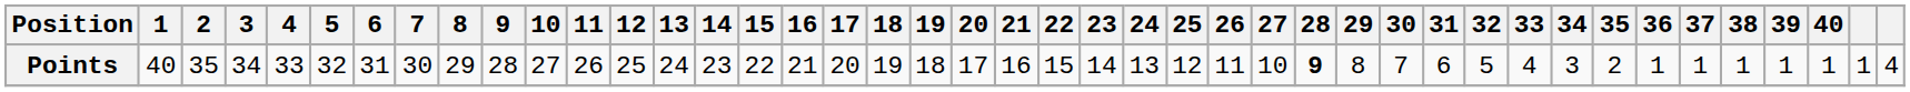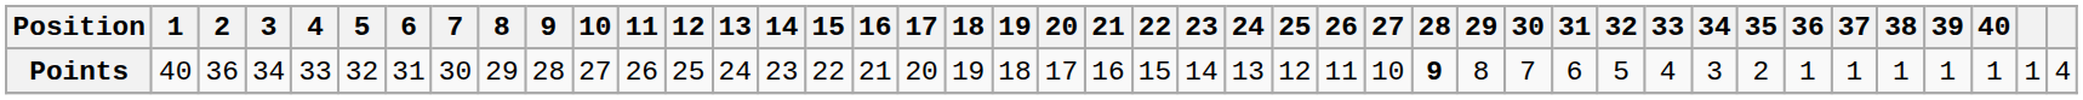 <table class="wikitable" style="font-size: 85%; text-align:center">
 <tr valign="top">
 <th>Position</th>
 <th>1</th>
 <th>2</th>
 <th>3</th>
 <th>4</th>
 <th>5</th>
 <th>6</th>
 <th>7</th>
 <th>8</th>
 <th>9</th>
 <th>10</th>
 <th>11</th>
 <th>12</th>
 <th>13</th>
 <th>14</th>
 <th>15</th>
 <th>16</th>
 <th>17</th>
 <th>18</th>
 <th>19</th>
 <th>20</th>
 <th>21</th>
 <th>22</th>
 <th>23</th>
 <th>24</th>
 <th>25</th>
 <th>26</th>
 <th>27</th>
 <th>28</th>
 <th>29</th>
 <th>30</th>
 <th>31</th>
 <th>32</th>
 <th>33</th>
 <th>34</th>
 <th>35</th>
 <th>36</th>
 <th>37</th>
 <th>38</th>
 <th>39</th>
 <th>40</th>
 <th></th>
 <th></th>
 </tr>
 <tr>
 <th>Points</th>
 <td>40</td>
-<td>35</td>
+<td>36</td>
 <td>34</td>
 <td>33</td>
 <td>32</td>
 <td>31</td>
 <td>30</td>
 <td>29</td>
 <td>28</td>
 <td>27</td>
 <td>26</td>
 <td>25</td>
 <td>24</td>
 <td>23</td>
 <td>22</td>
 <td>21</td>
 <td>20</td>
 <td>19</td>
 <td>18</td>
 <td>17</td>
 <td>16</td>
 <td>15</td>
 <td>14</td>
 <td>13</td>
 <td>12</td>
 <td>11</td>
 <td>10</td>
 <td><strong>9</strong></td>
 <td>8</td>
 <td>7</td>
 <td>6</td>
 <td>5</td>
 <td>4</td>
 <td>3</td>
 <td>2</td>
 <td>1</td>
 <td>1</td>
 <td>1</td>
 <td>1</td>
 <td>1</td>
 <td>1</td>
 <td>4</td>
 </tr>
 <tr>
 </tr>
 </table>
